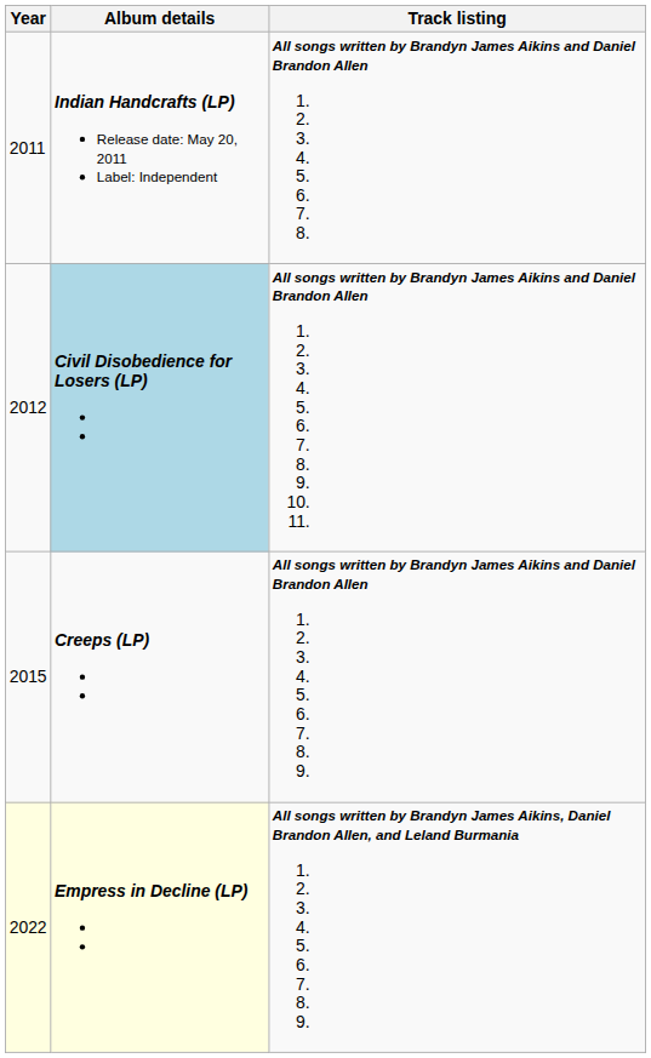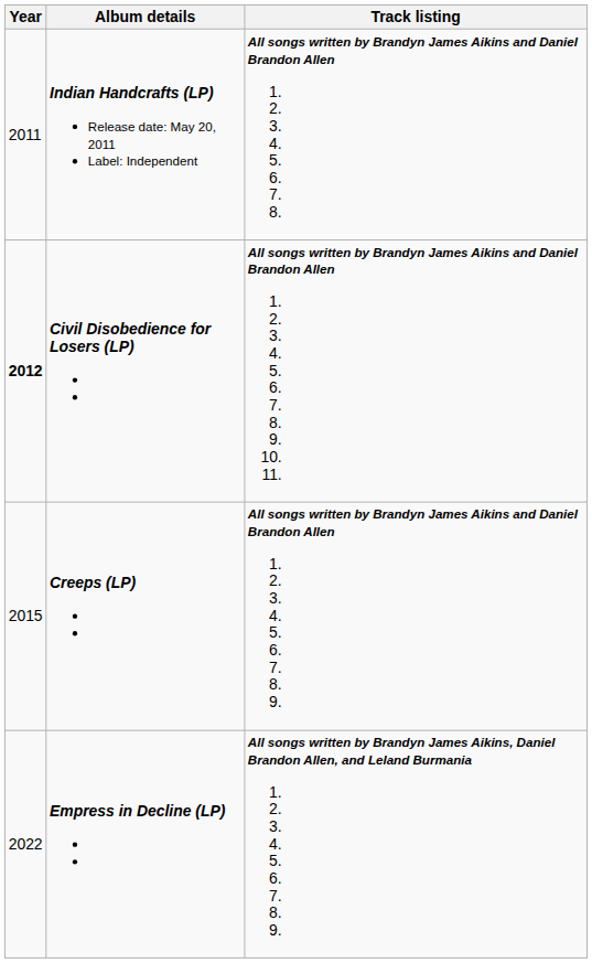 <table class="wikitable mw-collapsible mw-collapsed">
 <tr>
 <th>Year</th>
 <th>Album details</th>
 <th>Track listing</th>
 </tr>
 <tr>
 <td>2011</td>
 <td><strong><em>Indian Handcrafts (LP)</em></strong><br><ul><li><small>Release date: May 20, 2011</small></li><li><small>Label: Independent</small></li></ul></td>
 <td><strong><em><small>All songs written by Brandyn James Aikins and Daniel Brandon Allen</small></em></strong><br><ol><li></li><li></li><li></li><li></li><li></li><li></li><li></li><li></li></ol></td>
 </tr>
 <tr>
-<td>2012</td>
-<td style="background: lightblue;"><strong><em>Civil Disobedience for Losers (LP)</em></strong><br><ul><li></li><li></li></ul></td>
+<td><strong>2012</strong></td>
+<td><strong><em>Civil Disobedience for Losers (LP)</em></strong><br><ul><li></li><li></li></ul></td>
 <td><strong><em><small>All songs written by Brandyn James Aikins and Daniel Brandon Allen</small></em></strong><br><ol><li></li><li></li><li></li><li></li><li></li><li></li><li></li><li></li><li></li><li></li><li></li></ol></td>
 </tr>
 <tr>
 <td>2015</td>
 <td><strong><em>Creeps (LP)</em></strong><br><ul><li></li><li></li></ul></td>
 <td><strong><em><small>All songs written by Brandyn James Aikins and Daniel Brandon Allen</small></em></strong><br><ol><li></li><li></li><li></li><li></li><li></li><li></li><li></li><li></li><li></li></ol></td>
 </tr>
 <tr>
-<td style="background: lightyellow;">2022</td>
-<td style="background: lightyellow;"><strong><em>Empress in Decline (LP)</em></strong><br><ul><li></li><li></li></ul></td>
+<td>2022</td>
+<td><strong><em>Empress in Decline (LP)</em></strong><br><ul><li></li><li></li></ul></td>
 <td><strong><em><small>All songs written by Brandyn James Aikins, Daniel Brandon Allen, and Leland Burmania</small></em></strong><br><ol><li></li><li></li><li></li><li></li><li></li><li></li><li></li><li></li><li></li></ol></td>
 </tr>
 </table>
